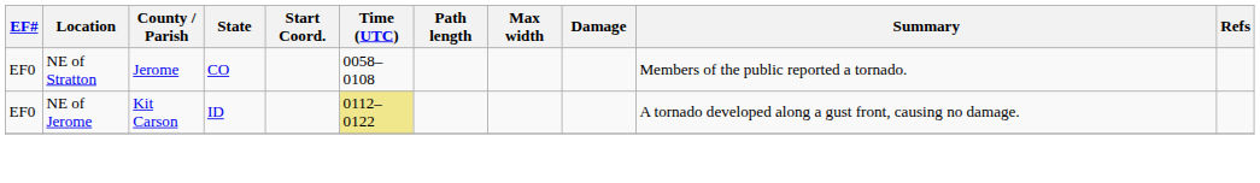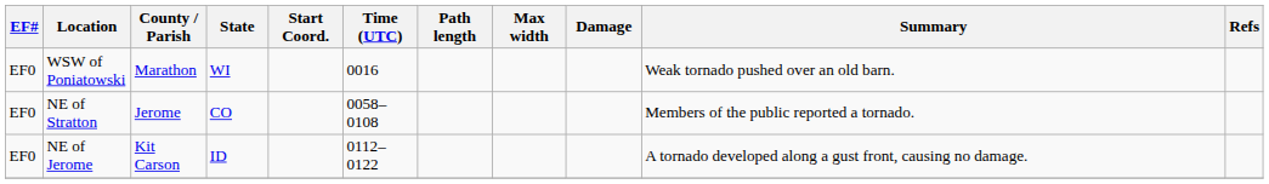 <table class="wikitable sortable" style="width:100%;">
 <tr>
 <th scope="col" width="3%" align="center"><a href='#'>EF#</a></th>
 <th scope="col" width="7%" align="center" class="unsortable">Location</th>
 <th scope="col" width="6%" align="center" class="unsortable">County / Parish</th>
 <th scope="col" width="5%" align="center">State</th>
 <th scope="col" width="6%" align="center">Start Coord.</th>
 <th scope="col" width="6%" align="center">Time (<a href='#'>UTC</a>)</th>
 <th scope="col" width="6%" align="center">Path length</th>
 <th scope="col" width="6%" align="center">Max width</th>
 <th scope="col" width="6%" align="center">Damage</th>
 <th scope="col" width="48%" class="unsortable" align="center">Summary</th>
 <th scope="col" width="48%" class="unsortable" align="center">Refs</th>
+</tr>
+<tr>
+<td>EF0</td>
+<td>WSW of <a href='#'>Poniatowski</a></td>
+<td><a href='#'>Marathon</a></td>
+<td><a href='#'>WI</a></td>
+<td></td>
+<td>0016</td>
+<td></td>
+<td></td>
+<td></td>
+<td>Weak tornado pushed over an old barn.</td>
+<td></td>
 </tr>
 <tr>
 <td>EF0</td>
 <td>NE of <a href='#'>Stratton</a></td>
 <td><a href='#'>Jerome</a></td>
 <td><a href='#'>CO</a></td>
 <td></td>
 <td>0058–0108</td>
 <td></td>
 <td></td>
 <td></td>
 <td>Members of the public reported a tornado.</td>
 <td></td>
 </tr>
 <tr>
 <td>EF0</td>
 <td>NE of <a href='#'>Jerome</a></td>
 <td><a href='#'>Kit Carson</a></td>
 <td><a href='#'>ID</a></td>
 <td></td>
-<td style="background: khaki;">0112–0122</td>
+<td>0112–0122</td>
 <td></td>
 <td></td>
 <td></td>
 <td>A tornado developed along a gust front, causing no damage.</td>
 <td></td>
 </tr>
 <tr>
 </tr>
 </table>
